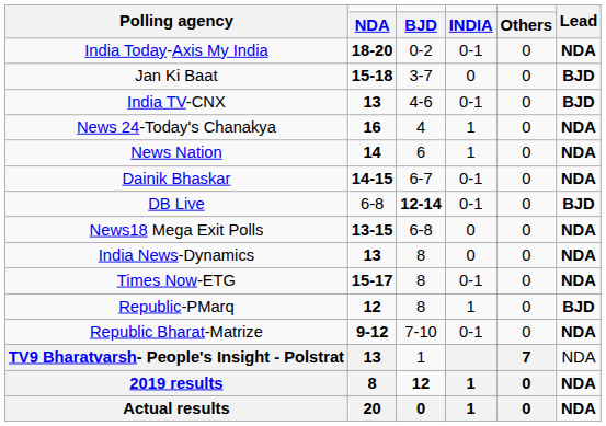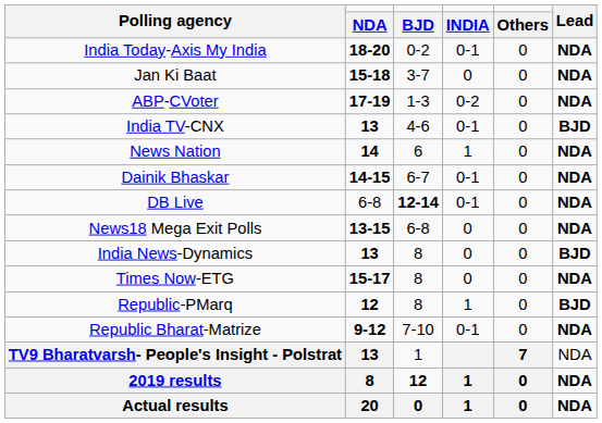 <table class="wikitable sortable" style="text-align:center;">
 <tr>
 <th rowspan="2">Polling agency</th>
 <td></td>
 <td></td>
 <td></td>
 <td></td>
 <th rowspan="2">Lead</th>
 </tr>
 <tr>
 <th><a href='#'>NDA</a></th>
 <th><a href='#'>BJD</a></th>
 <th><a href='#'>INDIA</a></th>
 <th>Others</th>
 </tr>
 <tr>
 <td><a href='#'>India Today</a>-<a href='#'>Axis My India</a></td>
 <td><strong>18-20</strong></td>
 <td>0-2</td>
 <td>0-1</td>
 <td>0</td>
 <td><strong>NDA</strong></td>
 </tr>
 <tr>
 <td>Jan Ki Baat</td>
 <td><strong>15-18</strong></td>
 <td>3-7</td>
 <td>0</td>
 <td>0</td>
-<td><strong>BJD</strong></td>
+<td><strong>NDA</strong></td>
+</tr>
+<tr>
+<td><a href='#'>ABP</a>-<a href='#'>CVoter</a></td>
+<td><strong>17-19</strong></td>
+<td>1-3</td>
+<td>0-2</td>
+<td>0</td>
+<td><strong>NDA</strong></td>
 </tr>
 <tr>
 <td><a href='#'>India TV</a>-CNX</td>
 <td><strong>13</strong></td>
 <td>4-6</td>
 <td>0-1</td>
 <td>0</td>
 <td><strong>BJD</strong></td>
-</tr>
-<tr>
-<td><a href='#'>News 24</a>-Today's Chanakya</td>
-<td><strong>16</strong></td>
-<td>4</td>
-<td>1</td>
-<td>0</td>
-<td><strong>NDA</strong></td>
 </tr>
 <tr>
 <td><a href='#'>News Nation</a></td>
 <td><strong>14</strong></td>
 <td>6</td>
 <td>1</td>
 <td>0</td>
 <td><strong>NDA</strong></td>
 </tr>
 <tr>
 <td><a href='#'>Dainik Bhaskar</a></td>
 <td><strong>14-15</strong></td>
 <td>6-7</td>
 <td>0-1</td>
 <td>0</td>
 <td><strong>NDA</strong></td>
 </tr>
 <tr>
 <td><a href='#'>DB Live</a></td>
 <td>6-8</td>
 <td><strong>12-14</strong></td>
 <td>0-1</td>
 <td>0</td>
-<td><strong>BJD</strong></td>
+<td><strong>NDA</strong></td>
 </tr>
 <tr>
 <td><a href='#'>News18</a> Mega Exit Polls</td>
 <td><strong>13-15</strong></td>
 <td>6-8</td>
 <td>0</td>
 <td>0</td>
 <td><strong>NDA</strong></td>
 </tr>
 <tr>
 <td><a href='#'>India News</a>-Dynamics</td>
 <td><strong>13</strong></td>
 <td>8</td>
 <td>0</td>
 <td>0</td>
-<td><strong>NDA</strong></td>
+<td><strong>BJD</strong></td>
 </tr>
 <tr>
 <td><a href='#'>Times Now</a>-ETG</td>
 <td><strong>15-17</strong></td>
 <td>8</td>
-<td>0-1</td>
+<td>0</td>
 <td>0</td>
 <td><strong>NDA</strong></td>
 </tr>
 <tr>
 <td><a href='#'>Republic</a>-PMarq</td>
 <td><strong>12</strong></td>
 <td>8</td>
 <td>1</td>
 <td>0</td>
 <td><strong>BJD</strong></td>
 </tr>
 <tr>
 <td><a href='#'>Republic Bharat</a>-Matrize</td>
 <td><strong>9-12</strong></td>
 <td>7-10</td>
 <td>0-1</td>
 <td>0</td>
 <td><strong>NDA</strong></td>
 </tr>
 <tr>
 <th><a href='#'>TV9 Bharatvarsh</a>- People's Insight - Polstrat</th>
 <th>13</th>
 <td>1</td>
 <th></th>
 <th>7</th>
 <td>NDA</td>
 </tr>
 <tr>
 <th><a href='#'>2019 results</a></th>
 <th>8</th>
 <td><strong>12</strong></td>
 <th>1</th>
 <th>0</th>
 <td><strong>NDA</strong></td>
 </tr>
 <tr>
 <th>Actual results</th>
 <th>20</th>
 <th>0</th>
 <th>1</th>
 <th>0</th>
 <td><strong>NDA</strong></td>
 </tr>
 </table>
